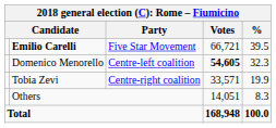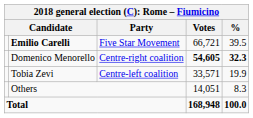 <table class=wikitable style=text-align:right>
 <tr>
 <th colspan=5>2018 general election (<a href='#'>C</a>): Rome – <a href='#'>Fiumicino</a></th>
 </tr>
 <tr>
 <th colspan=2>Candidate</th>
 <th>Party</th>
 <th>Votes</th>
 <th>%</th>
 </tr>
 <tr>
 <td></td>
 <td align=left><strong>Emilio Carelli</strong></td>
 <td align=left><a href='#'>Five Star Movement</a></td>
 <td>66,721</td>
 <td>39.5</td>
 </tr>
 <tr>
 <td></td>
 <td align=left>Domenico Menorello</td>
-<td align=left><a href='#'>Centre-left coalition</a></td>
+<td align=left><a href='#'>Centre-right coalition</a></td>
 <td><strong>54,605</strong></td>
-<td>32.3</td>
+<td><strong>32.3</strong></td>
 </tr>
 <tr>
 <td></td>
 <td align=left>Tobia Zevi</td>
-<td align=left><a href='#'>Centre-right coalition</a></td>
+<td align=left><a href='#'>Centre-left coalition</a></td>
 <td>33,571</td>
 <td>19.9</td>
 </tr>
 <tr>
 <td></td>
 <td align=left colspan=2>Others</td>
 <td>14,051</td>
 <td>8.3</td>
 </tr>
 <tr>
 <td align=left colspan=3><strong>Total</strong></td>
 <td><strong>168,948</strong></td>
 <td><strong>100.0</strong></td>
 </tr>
 </table>
